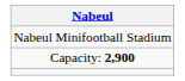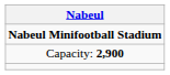 <table class="wikitable" style="margin:auto;text-align:center">
 <tr>
 <th><a href='#'>Nabeul</a></th>
 </tr>
 <tr>
-<td>Nabeul Minifootball Stadium</td>
+<td><strong>Nabeul Minifootball Stadium</strong></td>
 </tr>
 <tr>
 <td>Capacity: <strong>2,900</strong></td>
 </tr>
 <tr>
 <td></td>
 </tr>
 </table>
